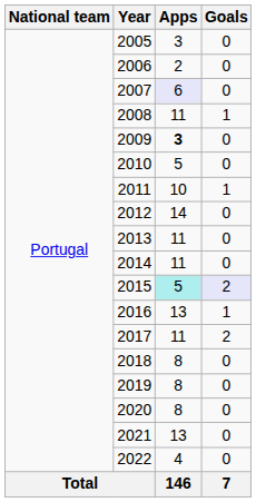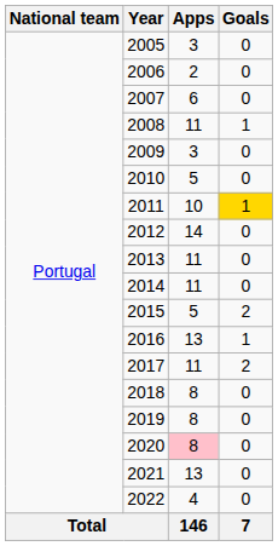 <table class="wikitable" style="text-align:center">
 <tr>
 <th>National team</th>
 <th>Year</th>
 <th>Apps</th>
 <th>Goals</th>
 </tr>
 <tr>
 <td rowspan="18"><a href='#'>Portugal</a></td>
 <td>2005</td>
 <td>3</td>
 <td>0</td>
 </tr>
 <tr>
 <td>2006</td>
 <td>2</td>
 <td>0</td>
 </tr>
 <tr>
 <td>2007</td>
-<td style="background: lavender;">6</td>
+<td>6</td>
 <td>0</td>
 </tr>
 <tr>
 <td>2008</td>
 <td>11</td>
 <td>1</td>
 </tr>
 <tr>
 <td>2009</td>
-<td><strong>3</strong></td>
+<td>3</td>
 <td>0</td>
 </tr>
 <tr>
 <td>2010</td>
 <td>5</td>
 <td>0</td>
 </tr>
 <tr>
 <td>2011</td>
 <td>10</td>
-<td>1</td>
+<td style="background: gold;">1</td>
 </tr>
 <tr>
 <td>2012</td>
 <td>14</td>
 <td>0</td>
 </tr>
 <tr>
 <td>2013</td>
 <td>11</td>
 <td>0</td>
 </tr>
 <tr>
 <td>2014</td>
 <td>11</td>
 <td>0</td>
 </tr>
 <tr>
 <td>2015</td>
-<td style="background: paleturquoise;">5</td>
-<td style="background: lavender;">2</td>
+<td>5</td>
+<td>2</td>
 </tr>
 <tr>
 <td>2016</td>
 <td>13</td>
 <td>1</td>
 </tr>
 <tr>
 <td>2017</td>
 <td>11</td>
 <td>2</td>
 </tr>
 <tr>
 <td>2018</td>
 <td>8</td>
 <td>0</td>
 </tr>
 <tr>
 <td>2019</td>
 <td>8</td>
 <td>0</td>
 </tr>
 <tr>
 <td>2020</td>
-<td>8</td>
+<td style="background: pink;">8</td>
 <td>0</td>
 </tr>
 <tr>
 <td>2021</td>
 <td>13</td>
 <td>0</td>
 </tr>
 <tr>
 <td>2022</td>
 <td>4</td>
 <td>0</td>
 </tr>
 <tr>
 <th colspan="2">Total</th>
 <th>146</th>
 <th>7</th>
 </tr>
 </table>
